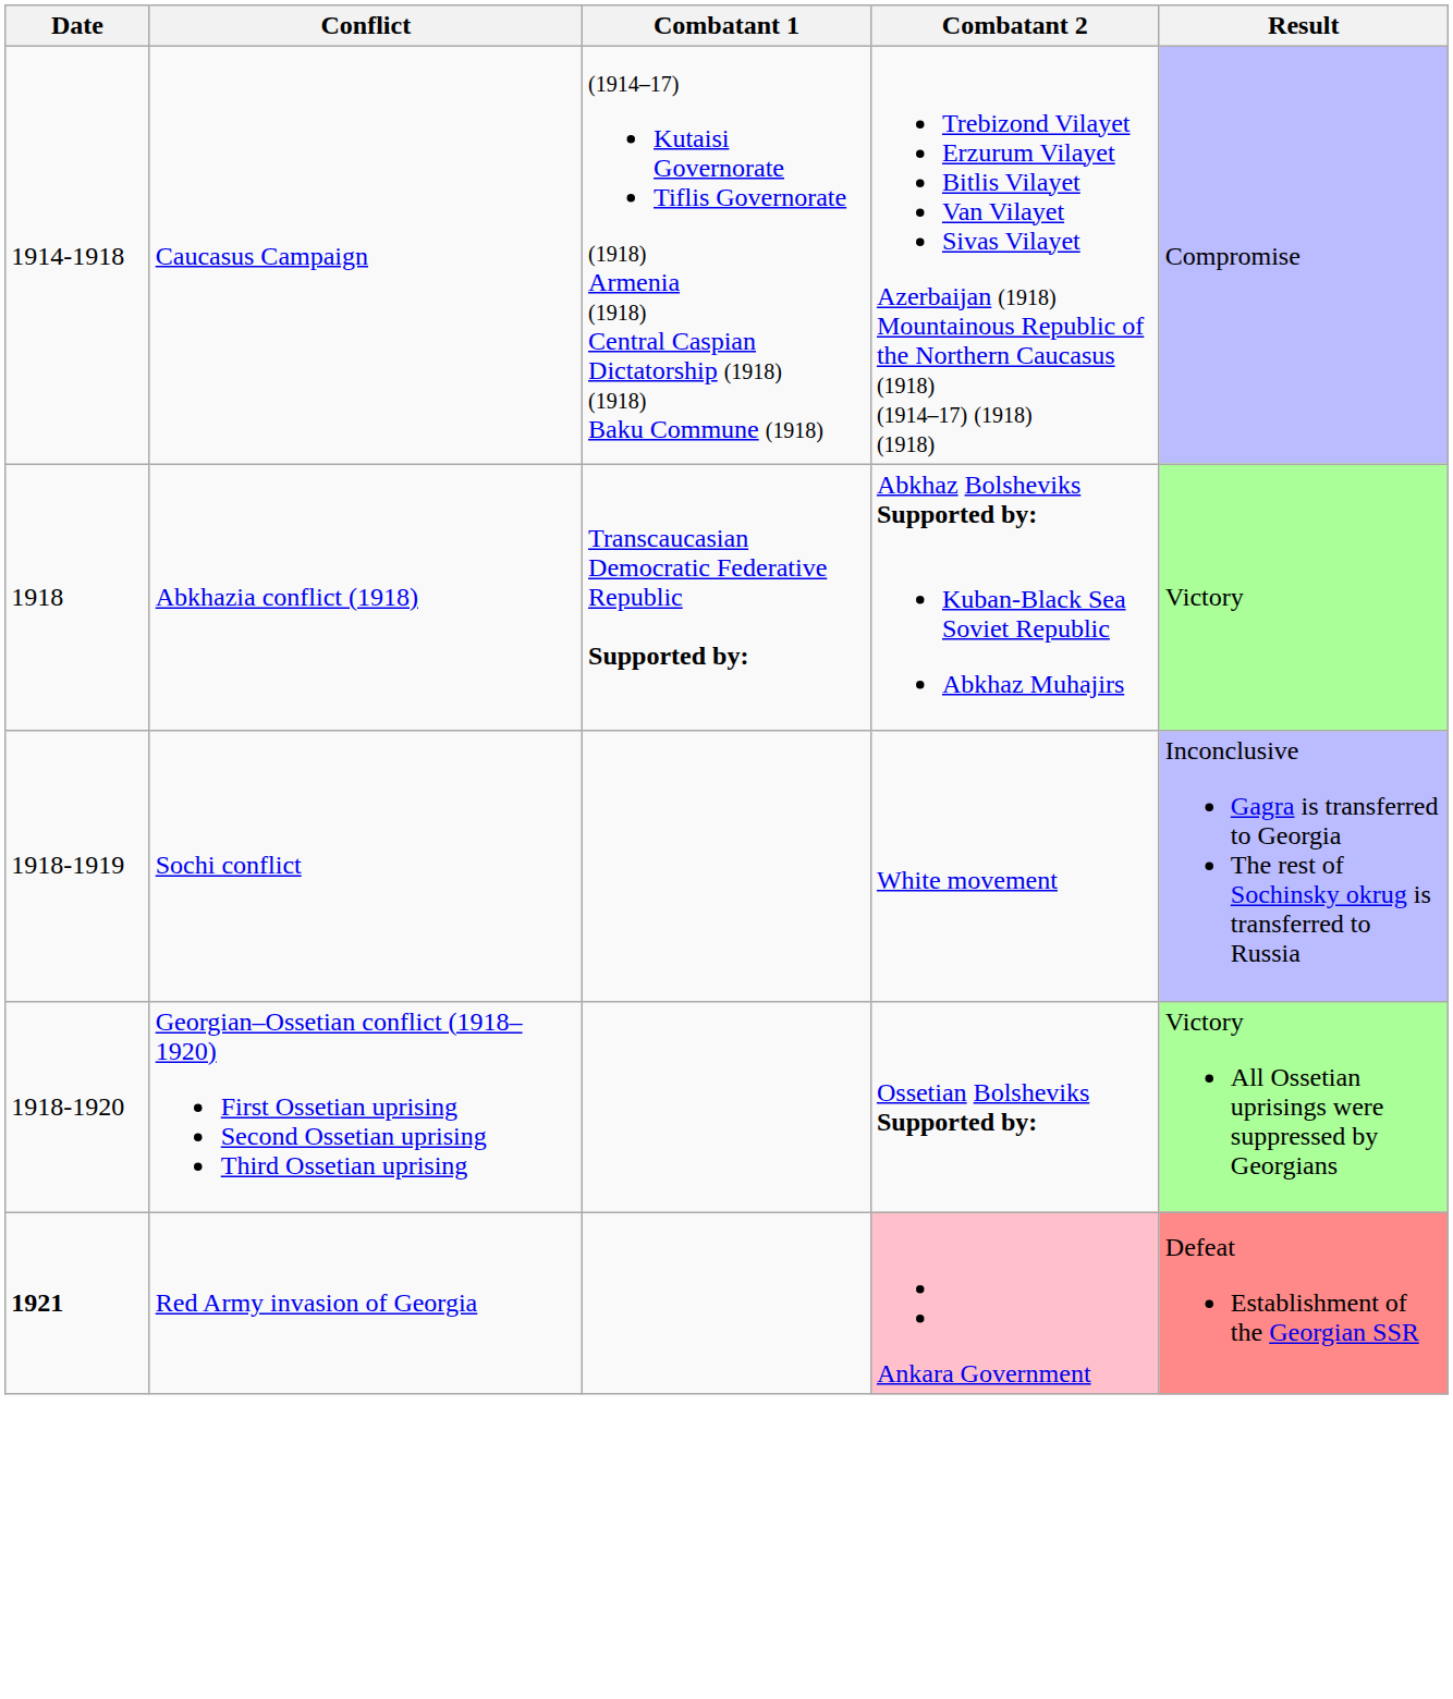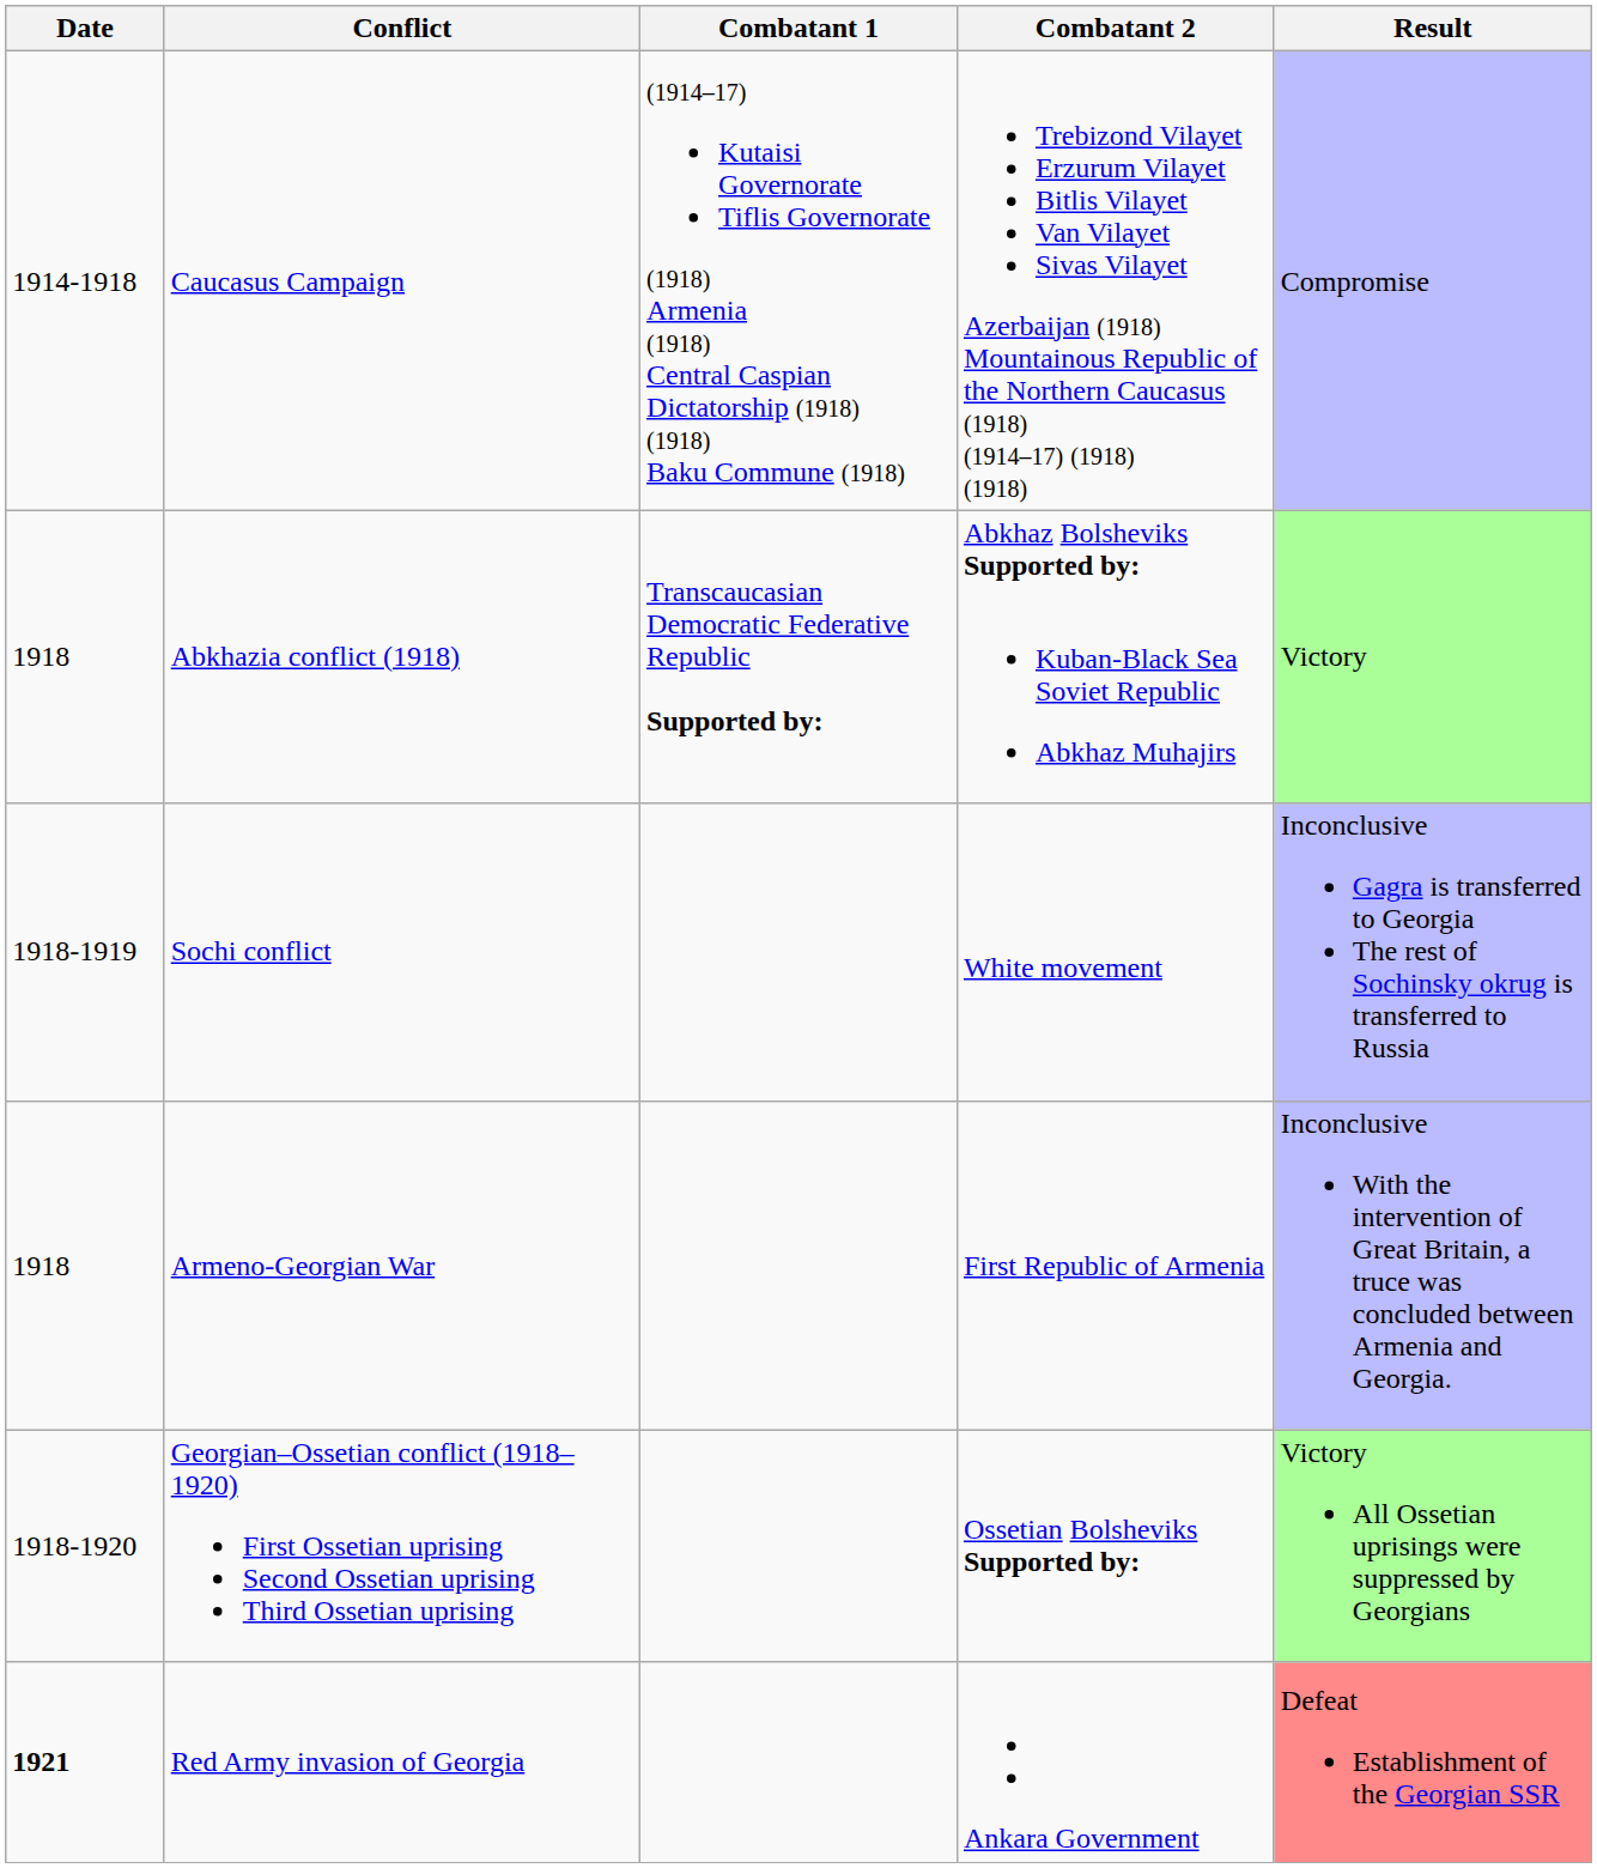 <table class="wikitable" style="width:100%;">
 <tr>
 <th style="width:10%;">Date</th>
 <th style="width:30%;">Conflict</th>
 <th style="width:20%;">Combatant 1</th>
 <th style="width:20%;">Combatant 2</th>
 <th style="width:20%;">Result</th>
 </tr>
 <tr>
 <td>1914-1918</td>
 <td><a href='#'>Caucasus Campaign</a></td>
 <td><strong></strong> <small>(1914–17)</small><br><ul><li> <a href='#'>Kutaisi Governorate</a></li><li> <a href='#'>Tiflis Governorate</a></li></ul> <small>(1918)</small><br> <a href='#'>Armenia</a> <small><br>(1918)</small><br>  <a href='#'>Central Caspian Dictatorship</a> <small>(1918)</small><br> <small>(1918)</small><br>  <a href='#'>Baku Commune</a> <small>(1918)</small></td>
 <td><strong></strong><br><ul><li><a href='#'>Trebizond Vilayet</a></li><li><a href='#'>Erzurum Vilayet</a></li><li><a href='#'>Bitlis Vilayet</a></li><li><a href='#'>Van Vilayet</a></li><li><a href='#'>Sivas Vilayet</a></li></ul> <a href='#'>Azerbaijan</a> <small>(1918)</small><br>  <a href='#'>Mountainous Republic of the Northern Caucasus</a> <small>(1918)</small><br>  <small>(1914–17)</small> <small>(1918)</small><br>  <small>(1918)</small></td>
 <td style="background:#BBF">Compromise</td>
 </tr>
 <tr>
 <td>1918</td>
 <td><a href='#'>Abkhazia conflict (1918)</a></td>
 <td> <a href='#'>Transcaucasian Democratic Federative Republic</a><br><br><strong>Supported by:</strong><br></td>
 <td> <a href='#'>Abkhaz</a> <a href='#'>Bolsheviks</a><br><strong>Supported by:</strong><br><br><ul><li> <a href='#'>Kuban-Black Sea Soviet Republic</a></li></ul><ul><li><a href='#'>Abkhaz Muhajirs</a></li></ul></td>
 <td style="background:#AF9">Victory</td>
 </tr>
 <tr>
 <td>1918-1919</td>
 <td><a href='#'>Sochi conflict</a></td>
 <td></td>
 <td><br> <a href='#'>White movement</a></td>
 <td style="background:#BBF">Inconclusive<br><ul><li><a href='#'>Gagra</a> is transferred to Georgia</li><li>The rest of <a href='#'>Sochinsky okrug</a> is transferred to Russia</li></ul></td>
 </tr>
 <tr>
+<td>1918</td>
+<td><a href='#'>Armeno-Georgian War</a></td>
+<td></td>
+<td> <a href='#'>First Republic of Armenia</a></td>
+<td style="background:#BBF">Inconclusive<br><ul><li>With the intervention of Great Britain, a truce was concluded between Armenia and Georgia.</li></ul></td>
+</tr>
+<tr>
 <td>1918-1920</td>
 <td><a href='#'>Georgian–Ossetian conflict (1918–1920)</a><br><ul><li><a href='#'>First Ossetian uprising</a></li><li><a href='#'>Second Ossetian uprising</a></li><li><a href='#'>Third Ossetian uprising</a></li></ul></td>
 <td></td>
 <td> <a href='#'>Ossetian</a> <a href='#'>Bolsheviks</a><br><strong>Supported by:</strong><br></td>
 <td style="background:#AF9">Victory<br><ul><li>All Ossetian uprisings were suppressed by Georgians</li></ul></td>
 </tr>
 <tr>
 <td><strong>1921</strong></td>
 <td><a href='#'>Red Army invasion of Georgia</a></td>
 <td></td>
-<td style="background: pink;"><br><ul><li></li><li></li></ul> <a href='#'>Ankara Government</a></td>
+<td><br><ul><li></li><li></li></ul> <a href='#'>Ankara Government</a></td>
 <td style="background:#F88">Defeat<br><ul><li>Establishment of the <a href='#'>Georgian SSR</a></li></ul></td>
 </tr>
 </table>
